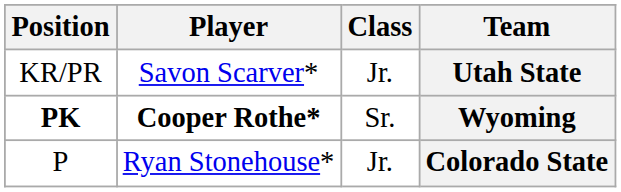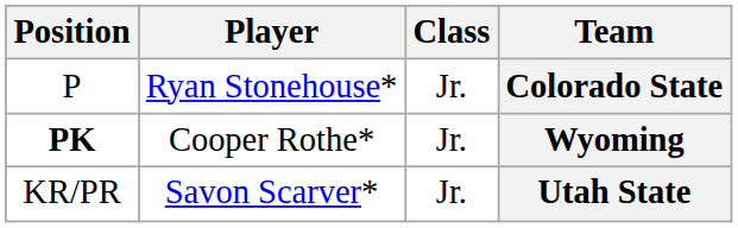 <table class="wikitable sortable">
 <tr>
 <th>Position</th>
 <th>Player</th>
 <th>Class</th>
 <th>Team</th>
 </tr>
 <tr style="text-align:center;">
+<td style="background:white">P</td>
+<td style="background:white"><a href='#'>Ryan Stonehouse</a>*</td>
+<td style="background:white">Jr.</td>
+<th>Colorado State</th>
+</tr>
+<tr style="text-align:center;">
+<td style="background:white"><strong>PK</strong></td>
+<td style="background:white">Cooper Rothe*</td>
+<td style="background:white">Jr.</td>
+<th>Wyoming</th>
+</tr>
+<tr style="text-align:center;">
 <td style="background:white">KR/PR</td>
 <td style="background:white"><a href='#'>Savon Scarver</a>*</td>
 <td style="background:white">Jr.</td>
 <th>Utah State</th>
 </tr>
-<tr style="text-align:center;">
-<td style="background:white"><strong>PK</strong></td>
-<td style="background:white"><strong>Cooper Rothe*</strong></td>
-<td style="background:white">Sr.</td>
-<th>Wyoming</th>
-</tr>
-<tr style="text-align:center;">
-<td style="background:white">P</td>
-<td style="background:white"><a href='#'>Ryan Stonehouse</a>*</td>
-<td style="background:white">Jr.</td>
-<th>Colorado State</th>
-</tr>
 </table>
